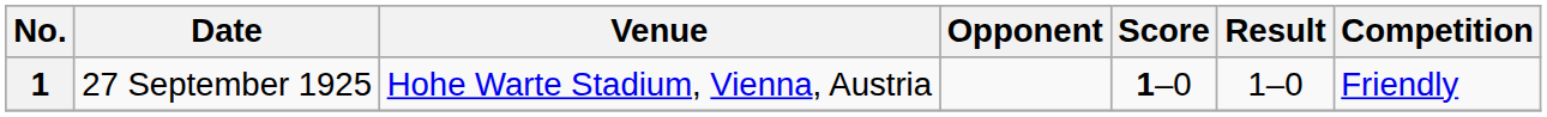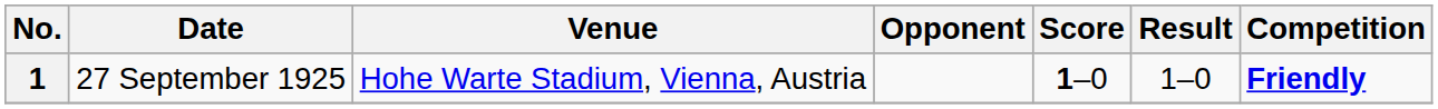 <table class="wikitable sortable plainrowheaders">
 <tr>
 <th scope=col>No.</th>
 <th scope=col>Date</th>
 <th scope=col>Venue</th>
 <th scope=col>Opponent</th>
 <th scope=col>Score</th>
 <th scope=col>Result</th>
 <th scope=col>Competition</th>
 </tr>
 <tr>
 <th scope=row style=text-align:center>1</th>
 <td rowspan="1">27 September 1925</td>
 <td rowspan="1"><a href='#'>Hohe Warte Stadium</a>, <a href='#'>Vienna</a>, Austria</td>
 <td rowspan="1"></td>
 <td align=center><strong>1</strong>–0</td>
 <td rowspan="1" align=center>1–0</td>
-<td rowspan="1"><a href='#'>Friendly</a></td>
+<td rowspan="1"><strong><a href='#'>Friendly</a></strong></td>
 </tr>
 <tr>
 </tr>
 </table>
